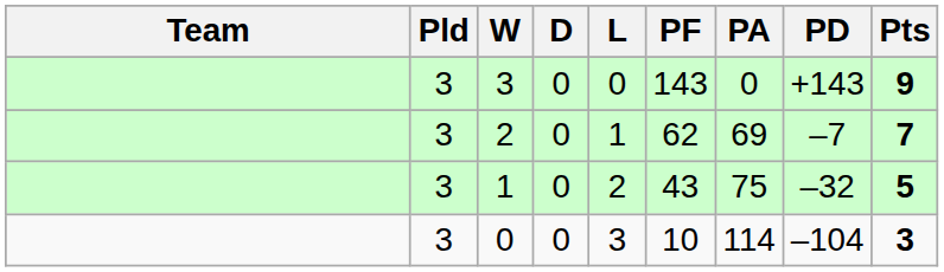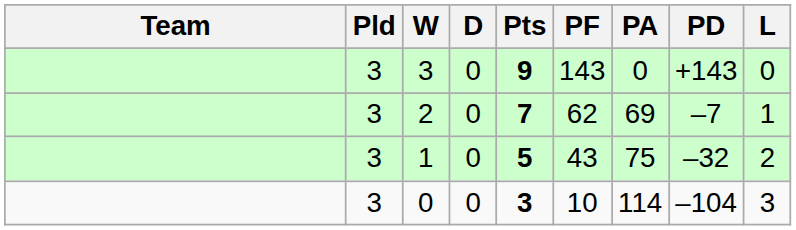 <table class="wikitable" style="text-align:center;">
 <tr>
 <th width="190">Team</th>
 <th width="20" abbr="Played">Pld</th>
 <th width="20" abbr="Won">W</th>
 <th width="20" abbr="Drawn">D</th>
-<th width="20" abbr="Lost">L</th>
+<th width="20" abbr="Points">Pts</th>
 <th width="20" abbr="Points for">PF</th>
 <th width="20" abbr="Points against">PA</th>
 <th width="25" abbr="Points difference">PD</th>
-<th width="20" abbr="Points">Pts</th>
+<th width="20" abbr="Lost">L</th>
 </tr>
 <tr style="background:#ccffcc">
 <td align="left"></td>
 <td>3</td>
 <td>3</td>
 <td>0</td>
-<td>0</td>
+<td><strong>9</strong></td>
 <td>143</td>
 <td>0</td>
 <td>+143</td>
-<td><strong>9</strong></td>
+<td>0</td>
 </tr>
 <tr style="background:#ccffcc">
 <td align="left"></td>
 <td>3</td>
 <td>2</td>
 <td>0</td>
-<td>1</td>
+<td><strong>7</strong></td>
 <td>62</td>
 <td>69</td>
 <td>–7</td>
-<td><strong>7</strong></td>
+<td>1</td>
 </tr>
 <tr style="background:#ccffcc">
 <td align="left"></td>
 <td>3</td>
 <td>1</td>
 <td>0</td>
-<td>2</td>
+<td><strong>5</strong></td>
 <td>43</td>
 <td>75</td>
 <td>–32</td>
-<td><strong>5</strong></td>
+<td>2</td>
 </tr>
 <tr style="background:#">
 <td align="left"></td>
 <td>3</td>
 <td>0</td>
 <td>0</td>
-<td>3</td>
+<td><strong>3</strong></td>
 <td>10</td>
 <td>114</td>
 <td>–104</td>
-<td><strong>3</strong></td>
+<td>3</td>
 </tr>
 </table>
